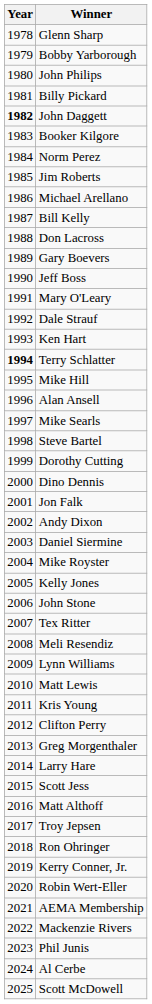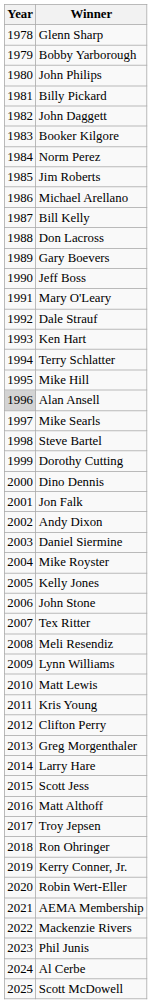 <table class="wikitable">
 <tr>
 <th>Year</th>
 <th>Winner</th>
 </tr>
 <tr>
 <td>1978</td>
 <td>Glenn Sharp</td>
 </tr>
 <tr>
 <td>1979</td>
 <td>Bobby Yarborough</td>
 </tr>
 <tr>
 <td>1980</td>
 <td>John Philips</td>
 </tr>
 <tr>
 <td>1981</td>
 <td>Billy Pickard</td>
 </tr>
 <tr>
-<td><strong>1982</strong></td>
+<td>1982</td>
 <td>John Daggett</td>
 </tr>
 <tr>
 <td>1983</td>
 <td>Booker Kilgore</td>
 </tr>
 <tr>
 <td>1984</td>
 <td>Norm Perez</td>
 </tr>
 <tr>
 <td>1985</td>
 <td>Jim Roberts</td>
 </tr>
 <tr>
 <td>1986</td>
 <td>Michael Arellano</td>
 </tr>
 <tr>
 <td>1987</td>
 <td>Bill Kelly</td>
 </tr>
 <tr>
 <td>1988</td>
 <td>Don Lacross</td>
 </tr>
 <tr>
 <td>1989</td>
 <td>Gary Boevers</td>
 </tr>
 <tr>
 <td>1990</td>
 <td>Jeff Boss</td>
 </tr>
 <tr>
 <td>1991</td>
 <td>Mary O'Leary</td>
 </tr>
 <tr>
 <td>1992</td>
 <td>Dale Strauf</td>
 </tr>
 <tr>
 <td>1993</td>
 <td>Ken Hart</td>
 </tr>
 <tr>
-<td><strong>1994</strong></td>
+<td>1994</td>
 <td>Terry Schlatter</td>
 </tr>
 <tr>
 <td>1995</td>
 <td>Mike Hill</td>
 </tr>
 <tr>
-<td>1996</td>
+<td style="background: lightgrey;">1996</td>
 <td>Alan Ansell</td>
 </tr>
 <tr>
 <td>1997</td>
 <td>Mike Searls</td>
 </tr>
 <tr>
 <td>1998</td>
 <td>Steve Bartel</td>
 </tr>
 <tr>
 <td>1999</td>
 <td>Dorothy Cutting</td>
 </tr>
 <tr>
 <td>2000</td>
 <td>Dino Dennis</td>
 </tr>
 <tr>
 <td>2001</td>
 <td>Jon Falk</td>
 </tr>
 <tr>
 <td>2002</td>
 <td>Andy Dixon</td>
 </tr>
 <tr>
 <td>2003</td>
 <td>Daniel Siermine</td>
 </tr>
 <tr>
 <td>2004</td>
 <td>Mike Royster</td>
 </tr>
 <tr>
 <td>2005</td>
 <td>Kelly Jones</td>
 </tr>
 <tr>
 <td>2006</td>
 <td>John Stone</td>
 </tr>
 <tr>
 <td>2007</td>
 <td>Tex Ritter</td>
 </tr>
 <tr>
 <td>2008</td>
 <td>Meli Resendiz</td>
 </tr>
 <tr>
 <td>2009</td>
 <td>Lynn Williams</td>
 </tr>
 <tr>
 <td>2010</td>
 <td>Matt Lewis</td>
 </tr>
 <tr>
 <td>2011</td>
 <td>Kris Young</td>
 </tr>
 <tr>
 <td>2012</td>
 <td>Clifton Perry</td>
 </tr>
 <tr>
 <td>2013</td>
 <td>Greg Morgenthaler</td>
 </tr>
 <tr>
 <td>2014</td>
 <td>Larry Hare</td>
 </tr>
 <tr>
 <td>2015</td>
 <td>Scott Jess</td>
 </tr>
 <tr>
 <td>2016</td>
 <td>Matt Althoff</td>
 </tr>
 <tr>
 <td>2017</td>
 <td>Troy Jepsen</td>
 </tr>
 <tr>
 <td>2018</td>
 <td>Ron Ohringer</td>
 </tr>
 <tr>
 <td>2019</td>
 <td>Kerry Conner, Jr.</td>
 </tr>
 <tr>
 <td>2020</td>
 <td>Robin Wert-Eller</td>
 </tr>
 <tr>
 <td>2021</td>
 <td>AEMA Membership</td>
 </tr>
 <tr>
 <td>2022</td>
 <td>Mackenzie Rivers</td>
 </tr>
 <tr>
 <td>2023</td>
 <td>Phil Junis</td>
 </tr>
 <tr>
 <td>2024</td>
 <td>Al Cerbe</td>
 </tr>
 <tr>
 <td>2025</td>
 <td>Scott McDowell</td>
 </tr>
 </table>
